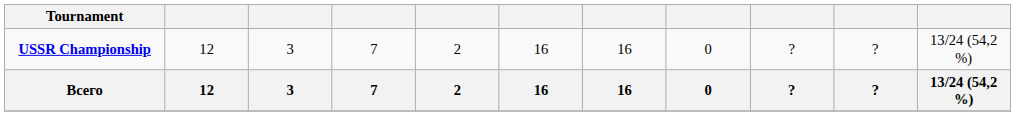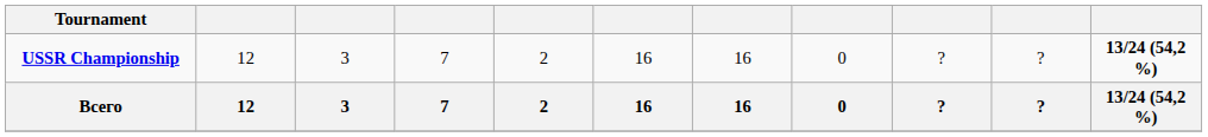 <table class="wikitable sortable" style="text-align:center; font-size:95%">
 <tr>
 <th width=160px>Tournament</th>
 <th width=80px></th>
 <th width=80px></th>
 <th width=80px></th>
 <th width=80px></th>
 <th width=80px></th>
 <th width=80px></th>
 <th width=80px></th>
 <th width=80px></th>
 <th width=80px></th>
 <th width=90px></th>
 </tr>
 <tr>
 <td><strong><a href='#'>USSR Championship</a></strong></td>
 <td>12</td>
 <td>3</td>
 <td>7</td>
 <td>2</td>
 <td>16</td>
 <td>16</td>
 <td>0</td>
 <td>?</td>
 <td>?</td>
-<td>13/24 (54,2 %)</td>
+<td><strong>13/24 (54,2 %)</strong></td>
 </tr>
 <tr class="sortbottom">
 <th>Всего</th>
 <th>12</th>
 <th>3</th>
 <th>7</th>
 <th>2</th>
 <th>16</th>
 <th>16</th>
 <th>0</th>
 <th>?</th>
 <th>?</th>
 <th>13/24 (54,2 %)</th>
 </tr>
 <tr>
 </tr>
 </table>
